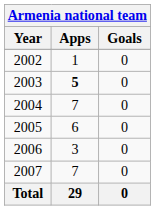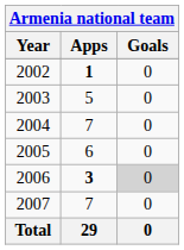 <table class="wikitable" style="text-align:center">
 <tr>
 <th colspan=3><a href='#'>Armenia national team</a></th>
 </tr>
 <tr>
 <th>Year</th>
 <th>Apps</th>
 <th>Goals</th>
 </tr>
 <tr>
 </tr>
 <tr>
 <td>2002</td>
-<td>1</td>
+<td><strong>1</strong></td>
 <td>0</td>
 </tr>
 <tr>
 <td>2003</td>
-<td><strong>5</strong></td>
+<td>5</td>
 <td>0</td>
 </tr>
 <tr>
 <td>2004</td>
 <td>7</td>
 <td>0</td>
 </tr>
 <tr>
 <td>2005</td>
 <td>6</td>
 <td>0</td>
 </tr>
 <tr>
 <td>2006</td>
-<td>3</td>
-<td>0</td>
+<td><strong>3</strong></td>
+<td style="background: lightgrey;">0</td>
 </tr>
 <tr>
 <td>2007</td>
 <td>7</td>
 <td>0</td>
 </tr>
 <tr>
 <th>Total</th>
 <th>29</th>
 <th>0</th>
 </tr>
 </table>
